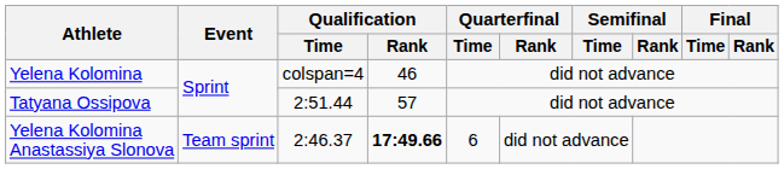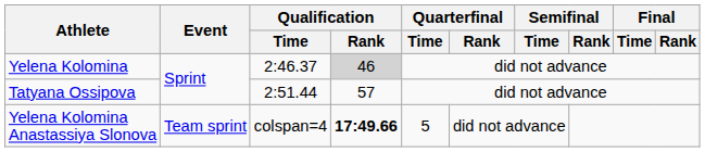 <table class="wikitable" style="font-size:90%">
 <tr>
 <th rowspan="2">Athlete</th>
 <th rowspan="2">Event</th>
 <th colspan="2">Qualification</th>
 <th colspan="2">Quarterfinal</th>
 <th colspan="2">Semifinal</th>
 <th colspan="2">Final</th>
 </tr>
 <tr style="font-size:95%">
 <th>Time</th>
 <th>Rank</th>
 <th>Time</th>
 <th>Rank</th>
 <th>Time</th>
 <th>Rank</th>
 <th>Time</th>
 <th>Rank</th>
 </tr>
 <tr align=center>
 <td align=left><a href='#'>Yelena Kolomina</a></td>
 <td align=left rowspan=2><a href='#'>Sprint</a></td>
-<td>colspan=4 </td>
-<td>46</td>
+<td>2:46.37</td>
+<td style="background: lightgrey;">46</td>
 <td colspan=6>did not advance</td>
 </tr>
 <tr align=center>
 <td align=left><a href='#'>Tatyana Ossipova</a></td>
 <td>2:51.44</td>
 <td>57</td>
 <td colspan=6>did not advance</td>
 </tr>
 <tr align=center>
 <td align=left><a href='#'>Yelena Kolomina</a><br><a href='#'>Anastassiya Slonova</a></td>
 <td align=left><a href='#'>Team sprint</a></td>
-<td>2:46.37</td>
+<td>colspan=4 </td>
 <td><strong>17:49.66</strong></td>
-<td>6</td>
+<td>5</td>
 <td colspan=2>did not advance</td>
 </tr>
 </table>
